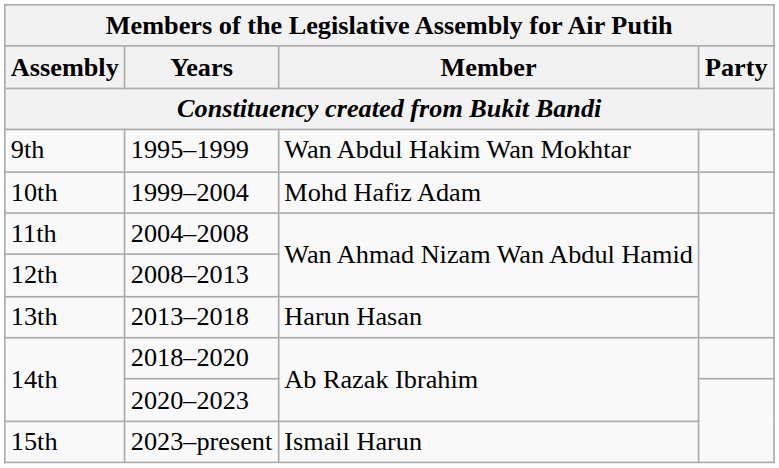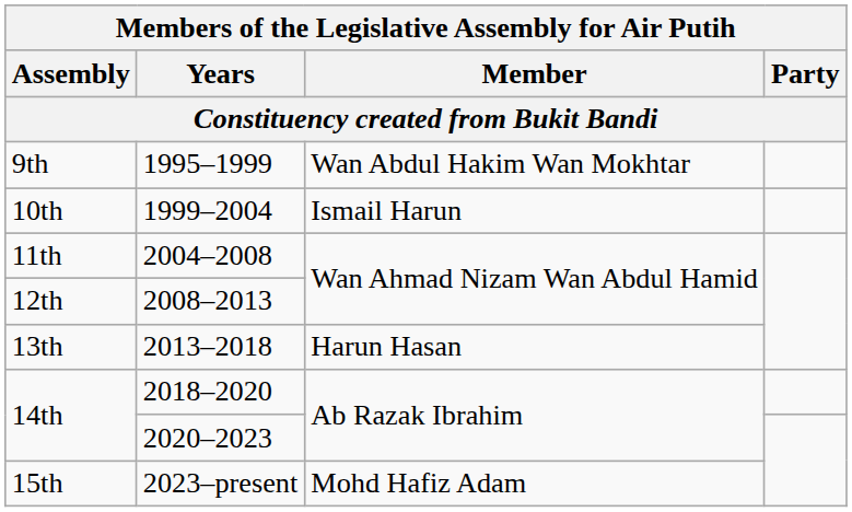 <table class="wikitable">
 <tr>
 <th colspan="4">Members of the Legislative Assembly for Air Putih</th>
 </tr>
 <tr>
 <th>Assembly</th>
 <th>Years</th>
 <th>Member</th>
 <th>Party</th>
 </tr>
 <tr>
 <th colspan="4" align="center"><em>Constituency created from Bukit Bandi</em></th>
 </tr>
 <tr>
 <td>9th</td>
 <td>1995–1999</td>
 <td>Wan Abdul Hakim Wan Mokhtar</td>
 <td></td>
 </tr>
 <tr>
 <td>10th</td>
 <td>1999–2004</td>
-<td>Mohd Hafiz Adam</td>
+<td>Ismail Harun</td>
 <td></td>
 </tr>
 <tr>
 <td>11th</td>
 <td>2004–2008</td>
 <td rowspan="2">Wan Ahmad Nizam Wan Abdul Hamid</td>
 <td rowspan="3"></td>
 </tr>
 <tr>
 <td>12th</td>
 <td>2008–2013</td>
 </tr>
 <tr>
 <td>13th</td>
 <td>2013–2018</td>
 <td>Harun Hasan</td>
 </tr>
 <tr>
 <td rowspan="2">14th</td>
 <td>2018–2020</td>
 <td rowspan="2">Ab Razak Ibrahim</td>
 <td></td>
 </tr>
 <tr>
 <td>2020–2023</td>
 <td rowspan=2></td>
 </tr>
 <tr>
 <td>15th</td>
 <td>2023–present</td>
-<td>Ismail Harun</td>
+<td>Mohd Hafiz Adam</td>
 </tr>
 </table>
